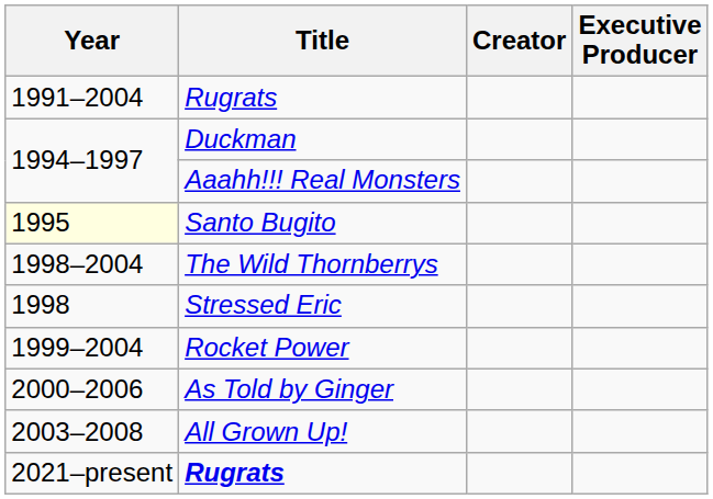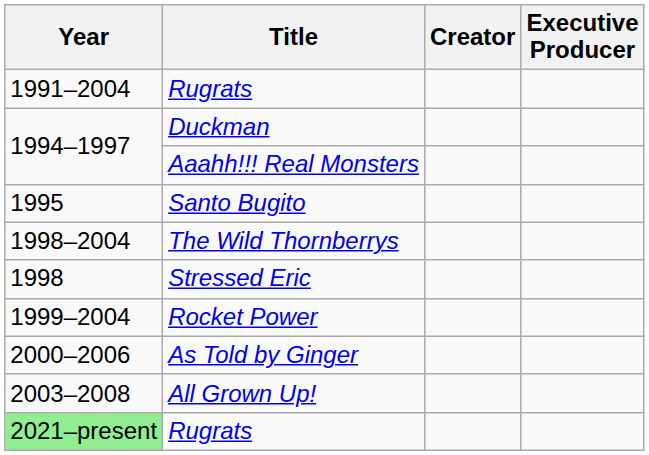 <table class="wikitable">
 <tr>
 <th>Year</th>
 <th>Title</th>
 <th>Creator</th>
 <th>Executive<br>Producer</th>
 </tr>
 <tr>
 <td>1991–2004</td>
 <td><em><a href='#'>Rugrats</a></em></td>
 <td></td>
 <td></td>
 </tr>
 <tr>
 <td rowspan=2>1994–1997</td>
 <td><em><a href='#'>Duckman</a></em></td>
 <td></td>
 <td></td>
 </tr>
 <tr>
 <td><em><a href='#'>Aaahh!!! Real Monsters</a></em></td>
 <td></td>
 <td></td>
 </tr>
 <tr>
-<td style="background: lightyellow;">1995</td>
+<td>1995</td>
 <td><em><a href='#'>Santo Bugito</a></em></td>
 <td></td>
 <td></td>
 </tr>
 <tr>
 <td>1998–2004</td>
 <td><em><a href='#'>The Wild Thornberrys</a></em></td>
 <td></td>
 <td></td>
 </tr>
 <tr>
 <td>1998</td>
 <td><em><a href='#'>Stressed Eric</a></em></td>
 <td></td>
 <td></td>
 </tr>
 <tr>
 <td>1999–2004</td>
 <td><em><a href='#'>Rocket Power</a></em></td>
 <td></td>
 <td></td>
 </tr>
 <tr>
 <td>2000–2006</td>
 <td><em><a href='#'>As Told by Ginger</a></em></td>
 <td></td>
 <td></td>
 </tr>
 <tr>
 <td>2003–2008</td>
 <td><em><a href='#'>All Grown Up!</a></em></td>
 <td></td>
 <td></td>
 </tr>
 <tr>
-<td>2021–present</td>
-<td><strong><em><a href='#'>Rugrats</a></em></strong></td>
+<td style="background: lightgreen;">2021–present</td>
+<td><em><a href='#'>Rugrats</a></em></td>
 <td></td>
 <td></td>
 </tr>
 </table>
